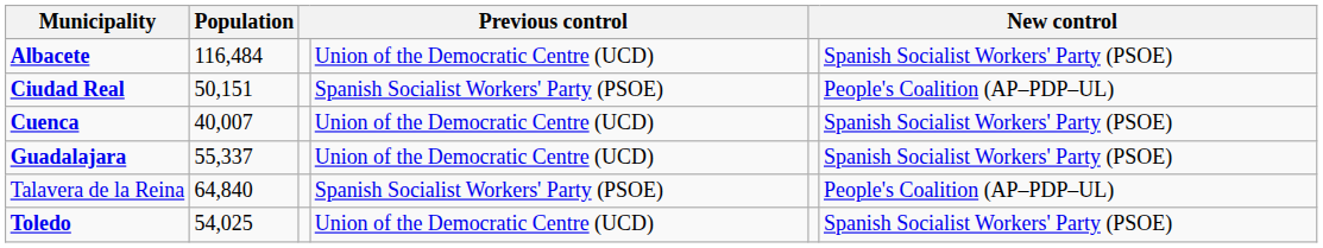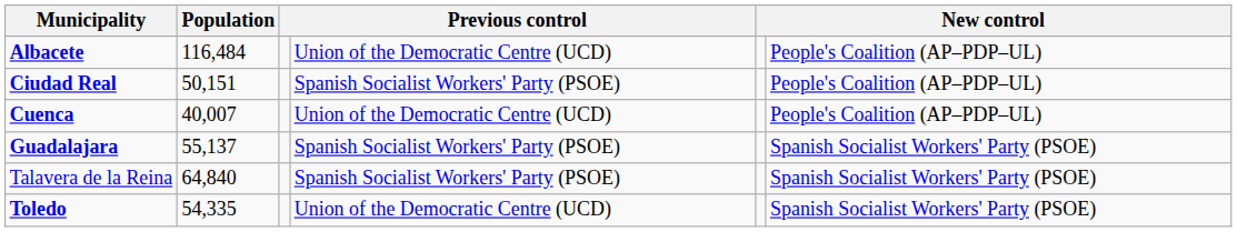 <table class="wikitable sortable">
 <tr>
 <th>Municipality</th>
 <th>Population</th>
 <th colspan="2" style="width:375px;">Previous control</th>
 <th colspan="2" style="width:375px;">New control</th>
 </tr>
 <tr>
 <td><strong><a href='#'>Albacete</a></strong></td>
 <td>116,484</td>
 <td width="1" style="color:inherit;background:"></td>
 <td><a href='#'>Union of the Democratic Centre</a> (UCD)</td>
 <td width="1" style="color:inherit;background:"></td>
-<td><a href='#'>Spanish Socialist Workers' Party</a> (PSOE)</td>
+<td><a href='#'>People's Coalition</a> (AP–PDP–UL) </td>
 </tr>
 <tr>
 <td><strong><a href='#'>Ciudad Real</a></strong></td>
 <td>50,151</td>
 <td style="color:inherit;background:"></td>
 <td><a href='#'>Spanish Socialist Workers' Party</a> (PSOE)</td>
 <td style="color:inherit;background:"></td>
 <td><a href='#'>People's Coalition</a> (AP–PDP–UL) </td>
 </tr>
 <tr>
 <td><strong><a href='#'>Cuenca</a></strong></td>
 <td>40,007</td>
 <td style="color:inherit;background:"></td>
 <td><a href='#'>Union of the Democratic Centre</a> (UCD)</td>
 <td style="color:inherit;background:"></td>
-<td><a href='#'>Spanish Socialist Workers' Party</a> (PSOE)</td>
+<td><a href='#'>People's Coalition</a> (AP–PDP–UL) </td>
 </tr>
 <tr>
 <td><strong><a href='#'>Guadalajara</a></strong></td>
-<td>55,337</td>
+<td>55,137</td>
 <td style="color:inherit;background:"></td>
-<td><a href='#'>Union of the Democratic Centre</a> (UCD)</td>
+<td><a href='#'>Spanish Socialist Workers' Party</a> (PSOE)</td>
 <td style="color:inherit;background:"></td>
 <td><a href='#'>Spanish Socialist Workers' Party</a> (PSOE)</td>
 </tr>
 <tr>
 <td><a href='#'>Talavera de la Reina</a></td>
 <td>64,840</td>
 <td style="color:inherit;background:"></td>
 <td><a href='#'>Spanish Socialist Workers' Party</a> (PSOE)</td>
 <td style="color:inherit;background:"></td>
-<td><a href='#'>People's Coalition</a> (AP–PDP–UL) </td>
+<td><a href='#'>Spanish Socialist Workers' Party</a> (PSOE)</td>
 </tr>
 <tr>
 <td><strong><a href='#'>Toledo</a></strong></td>
-<td>54,025</td>
+<td>54,335</td>
 <td style="color:inherit;background:"></td>
 <td><a href='#'>Union of the Democratic Centre</a> (UCD)</td>
 <td style="color:inherit;background:"></td>
 <td><a href='#'>Spanish Socialist Workers' Party</a> (PSOE)</td>
 </tr>
 </table>
